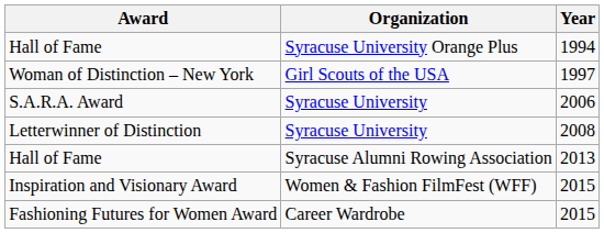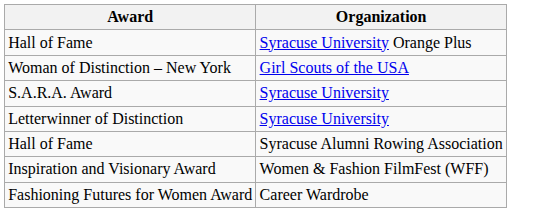 <table class="wikitable">
 <tr>
 <th>Award</th>
 <th>Organization</th>
-<th>Year</th>
 </tr>
 <tr>
 <td>Hall of Fame </td>
 <td><a href='#'>Syracuse University</a> Orange Plus</td>
-<td>1994</td>
 </tr>
 <tr>
 <td>Woman of Distinction – New York</td>
 <td><a href='#'>Girl Scouts of the USA</a></td>
-<td>1997</td>
 </tr>
 <tr>
 <td>S.A.R.A. Award </td>
 <td><a href='#'>Syracuse University</a></td>
-<td>2006</td>
 </tr>
 <tr>
 <td>Letterwinner of Distinction </td>
 <td><a href='#'>Syracuse University</a></td>
-<td>2008</td>
 </tr>
 <tr>
 <td>Hall of Fame </td>
 <td>Syracuse Alumni Rowing Association</td>
-<td>2013</td>
 </tr>
 <tr>
 <td>Inspiration and Visionary Award </td>
 <td>Women & Fashion FilmFest (WFF)</td>
-<td>2015</td>
 </tr>
 <tr>
 <td>Fashioning Futures for Women Award </td>
 <td>Career Wardrobe</td>
-<td>2015</td>
 </tr>
 </table>
